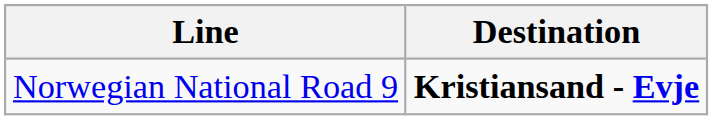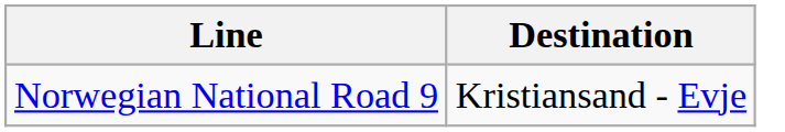 <table class="wikitable sortable">
 <tr>
 <th>Line</th>
 <th>Destination</th>
 </tr>
 <tr>
 <td><a href='#'>Norwegian National Road 9</a></td>
-<td><strong>Kristiansand - <a href='#'>Evje</a></strong></td>
+<td>Kristiansand - <a href='#'>Evje</a></td>
 </tr>
 </table>
